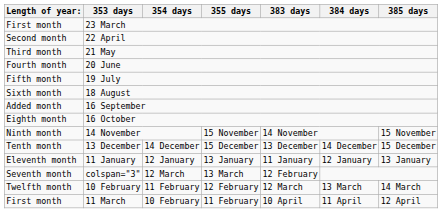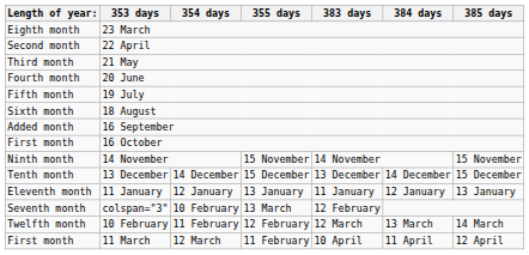 <table class="wikitable">
 <tr>
 <th>Length of year:</th>
 <th>353 days</th>
 <th>354 days</th>
 <th>355 days</th>
 <th>383 days</th>
 <th>384 days</th>
 <th>385 days</th>
 </tr>
 <tr>
-<td>First month</td>
+<td>Eighth month</td>
 <td colspan="6">23 March</td>
 </tr>
 <tr>
 <td>Second month</td>
 <td colspan="6">22 April</td>
 </tr>
 <tr>
 <td>Third month</td>
 <td colspan="6">21 May</td>
 </tr>
 <tr>
 <td>Fourth month</td>
 <td colspan="6">20 June</td>
 </tr>
 <tr>
 <td>Fifth month</td>
 <td colspan="6">19 July</td>
 </tr>
 <tr>
 <td>Sixth month</td>
 <td colspan="6">18 August</td>
 </tr>
 <tr>
 <td>Added month</td>
 <td colspan="6">16 September</td>
 </tr>
 <tr>
-<td>Eighth month</td>
+<td>First month</td>
 <td colspan="6">16 October</td>
 </tr>
 <tr>
 <td>Ninth month</td>
 <td colspan="2">14 November</td>
 <td>15 November</td>
 <td colspan="2">14 November</td>
 <td>15 November</td>
 </tr>
 <tr>
 <td>Tenth month</td>
 <td>13 December</td>
 <td>14 December</td>
 <td>15 December</td>
 <td>13 December</td>
 <td>14 December</td>
 <td>15 December</td>
 </tr>
 <tr>
 <td>Eleventh month</td>
 <td>11 January</td>
 <td>12 January</td>
 <td>13 January</td>
 <td>11 January</td>
 <td>12 January</td>
 <td>13 January</td>
 </tr>
 <tr>
 <td>Seventh month</td>
 <td>colspan="3" </td>
-<td>12 March</td>
+<td>10 February</td>
 <td>13 March</td>
 <td>12 February</td>
 </tr>
 <tr>
 <td>Twelfth month</td>
 <td>10 February</td>
 <td>11 February</td>
 <td>12 February</td>
 <td>12 March</td>
 <td>13 March</td>
 <td>14 March</td>
 </tr>
 <tr ---------------------------------------------------------------------------------------->
 <td>First month</td>
 <td>11 March</td>
-<td>10 February</td>
+<td>12 March</td>
 <td>11 February</td>
 <td>10 April</td>
 <td>11 April</td>
 <td>12 April</td>
 </tr>
 </table>
